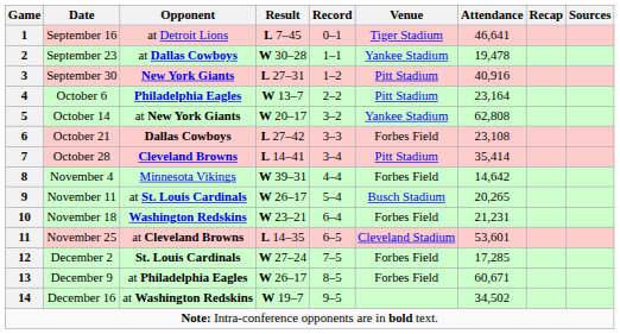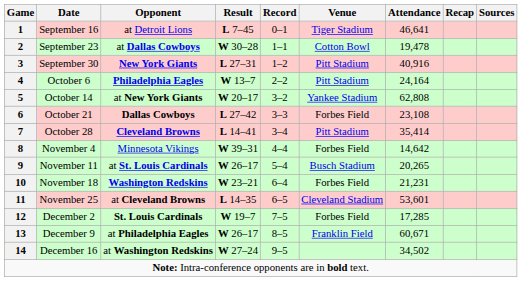 <table class="wikitable" style="text-align:center">
 <tr>
 <th>Game</th>
 <th>Date</th>
 <th>Opponent</th>
 <th>Result</th>
 <th>Record</th>
 <th>Venue</th>
 <th>Attendance</th>
 <th>Recap</th>
 <th>Sources</th>
 </tr>
 <tr style="background:#fcc">
 <th>1</th>
 <td>September 16</td>
 <td>at <a href='#'>Detroit Lions</a></td>
 <td><strong>L</strong> 7–45</td>
 <td>0–1</td>
 <td><a href='#'>Tiger Stadium</a></td>
 <td>46,641</td>
 <td></td>
 <td></td>
 </tr>
 <tr style="background:#cfc">
 <th>2</th>
 <td>September 23</td>
 <td>at <strong><a href='#'>Dallas Cowboys</a></strong></td>
 <td><strong>W</strong> 30–28</td>
 <td>1–1</td>
-<td><a href='#'>Yankee Stadium</a></td>
+<td><a href='#'>Cotton Bowl</a></td>
 <td>19,478</td>
 <td></td>
 <td></td>
 </tr>
 <tr style="background:#fcc">
 <th>3</th>
 <td>September 30</td>
 <td><strong><a href='#'>New York Giants</a></strong></td>
 <td><strong>L</strong> 27–31</td>
 <td>1–2</td>
 <td><a href='#'>Pitt Stadium</a></td>
 <td>40,916</td>
 <td></td>
 <td></td>
 </tr>
 <tr style="background:#cfc">
 <th>4</th>
 <td>October 6</td>
 <td><strong><a href='#'>Philadelphia Eagles</a></strong></td>
 <td><strong>W</strong> 13–7</td>
 <td>2–2</td>
 <td><a href='#'>Pitt Stadium</a></td>
-<td>23,164</td>
+<td>24,164</td>
 <td></td>
 <td></td>
 </tr>
 <tr style="background:#cfc">
 <th>5</th>
 <td>October 14</td>
 <td>at <strong>New York Giants</strong></td>
 <td><strong>W</strong> 20–17</td>
 <td>3–2</td>
 <td><a href='#'>Yankee Stadium</a></td>
 <td>62,808</td>
 <td></td>
 <td></td>
 </tr>
 <tr style="background:#fcc">
 <th>6</th>
 <td>October 21</td>
 <td><strong>Dallas Cowboys</strong></td>
 <td><strong>L</strong> 27–42</td>
 <td>3–3</td>
 <td>Forbes Field</td>
 <td>23,108</td>
 <td></td>
 <td></td>
 </tr>
 <tr style="background:#fcc">
 <th>7</th>
 <td>October 28</td>
 <td><strong><a href='#'>Cleveland Browns</a></strong></td>
 <td><strong>L</strong> 14–41</td>
 <td>3–4</td>
 <td><a href='#'>Pitt Stadium</a></td>
 <td>35,414</td>
 <td></td>
 <td></td>
 </tr>
 <tr style="background:#cfc">
 <th>8</th>
 <td>November 4</td>
 <td><a href='#'>Minnesota Vikings</a></td>
 <td><strong>W</strong> 39–31</td>
 <td>4–4</td>
 <td>Forbes Field</td>
 <td>14,642</td>
 <td></td>
 <td></td>
 </tr>
 <tr style="background:#cfc">
 <th>9</th>
 <td>November 11</td>
 <td>at <strong><a href='#'>St. Louis Cardinals</a></strong></td>
 <td><strong>W</strong> 26–17</td>
 <td>5–4</td>
 <td><a href='#'>Busch Stadium</a></td>
 <td>20,265</td>
 <td></td>
 <td></td>
 </tr>
 <tr style="background:#cfc">
 <th>10</th>
 <td>November 18</td>
 <td><strong><a href='#'>Washington Redskins</a></strong></td>
 <td><strong>W</strong> 23–21</td>
 <td>6–4</td>
 <td>Forbes Field</td>
 <td>21,231</td>
 <td></td>
 <td></td>
 </tr>
 <tr style="background:#fcc">
 <th>11</th>
 <td>November 25</td>
 <td>at <strong>Cleveland Browns</strong></td>
 <td><strong>L</strong> 14–35</td>
 <td>6–5</td>
 <td><a href='#'>Cleveland Stadium</a></td>
 <td>53,601</td>
 <td></td>
 <td></td>
 </tr>
 <tr style="background:#cfc">
 <th>12</th>
 <td>December 2</td>
 <td><strong>St. Louis Cardinals</strong></td>
-<td><strong>W</strong> 27–24</td>
+<td><strong>W</strong> 19–7</td>
 <td>7–5</td>
 <td>Forbes Field</td>
 <td>17,285</td>
 <td></td>
 <td></td>
 </tr>
 <tr style="background:#cfc">
 <th>13</th>
 <td>December 9</td>
 <td>at <strong>Philadelphia Eagles</strong></td>
 <td><strong>W</strong> 26–17</td>
 <td>8–5</td>
-<td>Forbes Field</td>
+<td><a href='#'>Franklin Field</a></td>
 <td>60,671</td>
 <td></td>
 <td></td>
 </tr>
 <tr style="background:#cfc">
 <th>14</th>
 <td>December 16</td>
 <td>at <strong>Washington Redskins</strong></td>
-<td><strong>W</strong> 19–7</td>
+<td><strong>W</strong> 27–24</td>
 <td>9–5</td>
 <td></td>
 <td>34,502</td>
 <td></td>
 <td></td>
 </tr>
 <tr>
 <td colspan="10"><strong>Note:</strong> Intra-conference opponents are in <strong>bold</strong> text.</td>
 </tr>
 </table>
